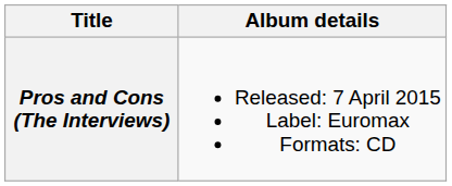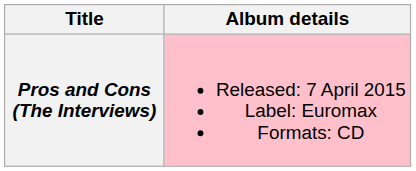 <table class="wikitable plainrowheaders" style="text-align:center;">
 <tr>
 <th scope="col" style="width:8em;">Title</th>
 <th scope="col">Album details</th>
 </tr>
 <tr>
 <th scope="row"><em>Pros and Cons (The Interviews)</em></th>
-<td><br><ul><li>Released: 7 April 2015</li><li>Label: Euromax</li><li>Formats: CD</li></ul></td>
+<td style="background: pink;"><br><ul><li>Released: 7 April 2015</li><li>Label: Euromax</li><li>Formats: CD</li></ul></td>
 </tr>
 </table>
